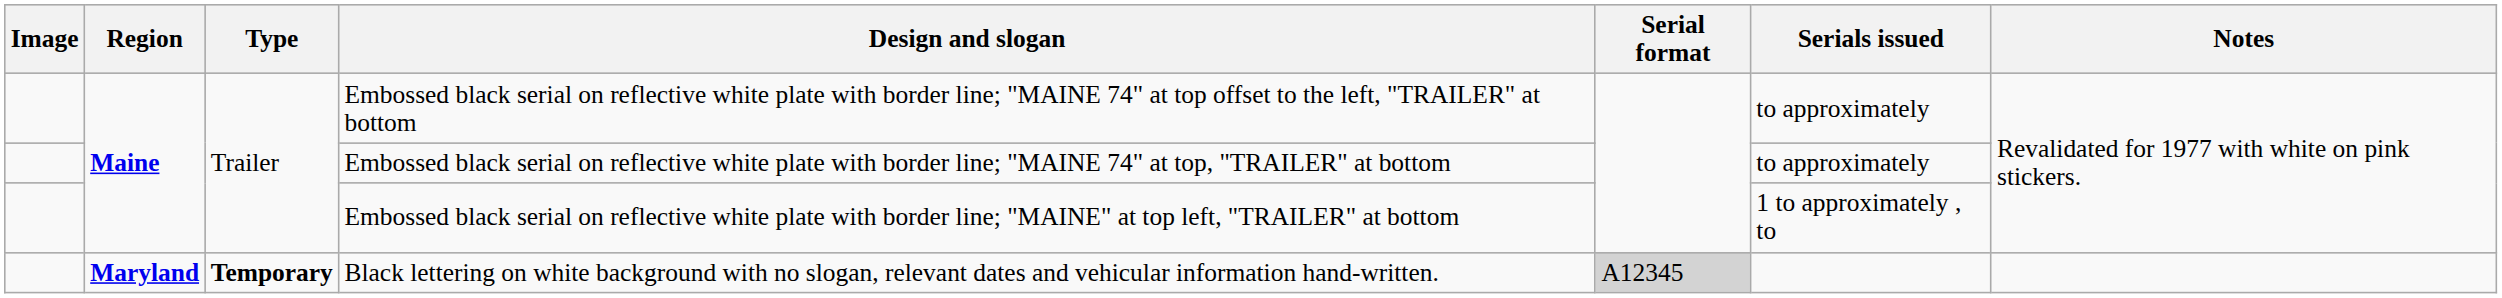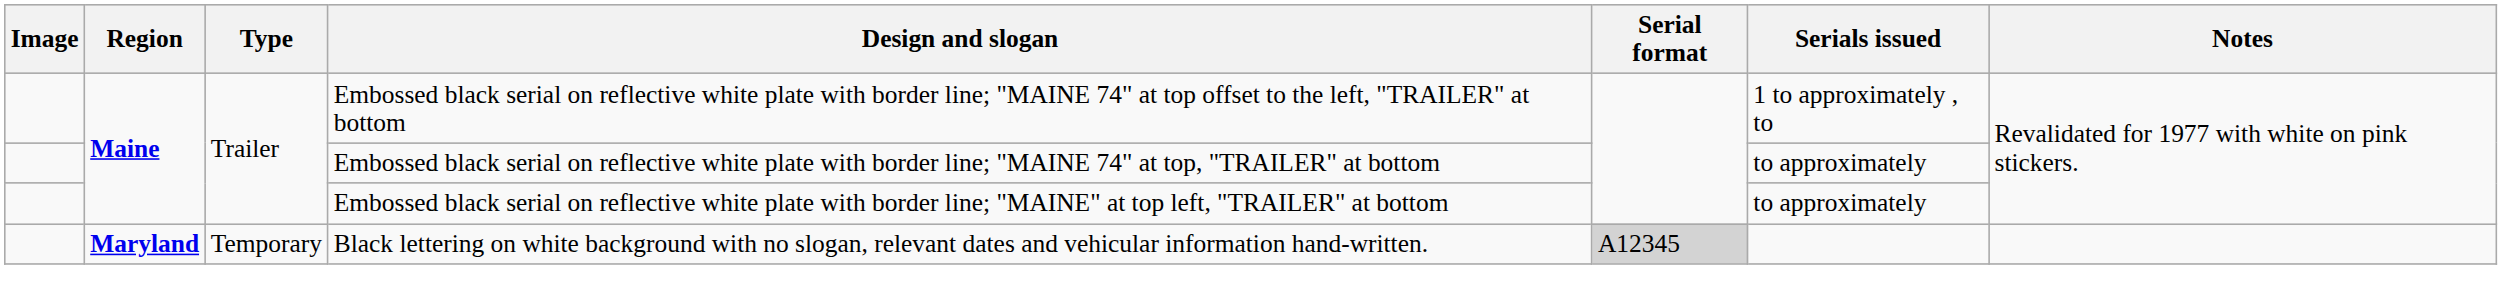 <table class="wikitable">
 <tr>
 <th>Image</th>
 <th>Region</th>
 <th>Type</th>
 <th>Design and slogan</th>
 <th>Serial format</th>
 <th>Serials issued</th>
 <th>Notes</th>
 </tr>
 <tr>
 <td></td>
 <td rowspan="3"><a href='#'><strong>Maine</strong></a></td>
 <td rowspan="3">Trailer</td>
 <td>Embossed black serial on reflective white plate with border line; "MAINE 74" at top offset to the left, "TRAILER" at bottom</td>
 <td rowspan="3"></td>
-<td> to approximately </td>
+<td>1 to approximately ,  to </td>
 <td rowspan="3">Revalidated for 1977 with white on pink stickers.</td>
 </tr>
 <tr>
 <td></td>
 <td>Embossed black serial on reflective white plate with border line; "MAINE 74" at top, "TRAILER" at bottom</td>
 <td> to approximately </td>
 </tr>
 <tr>
 <td></td>
 <td>Embossed black serial on reflective white plate with border line; "MAINE" at top left, "TRAILER" at bottom</td>
-<td>1 to approximately ,  to </td>
+<td> to approximately </td>
 </tr>
 <tr>
 <td></td>
 <td><a href='#'><strong>Maryland</strong></a></td>
-<td><strong>Temporary</strong></td>
+<td>Temporary</td>
 <td>Black lettering on white background with no slogan, relevant dates and vehicular information hand-written.</td>
 <td style="background: lightgrey;">A12345</td>
 <td></td>
 <td></td>
 </tr>
 </table>
